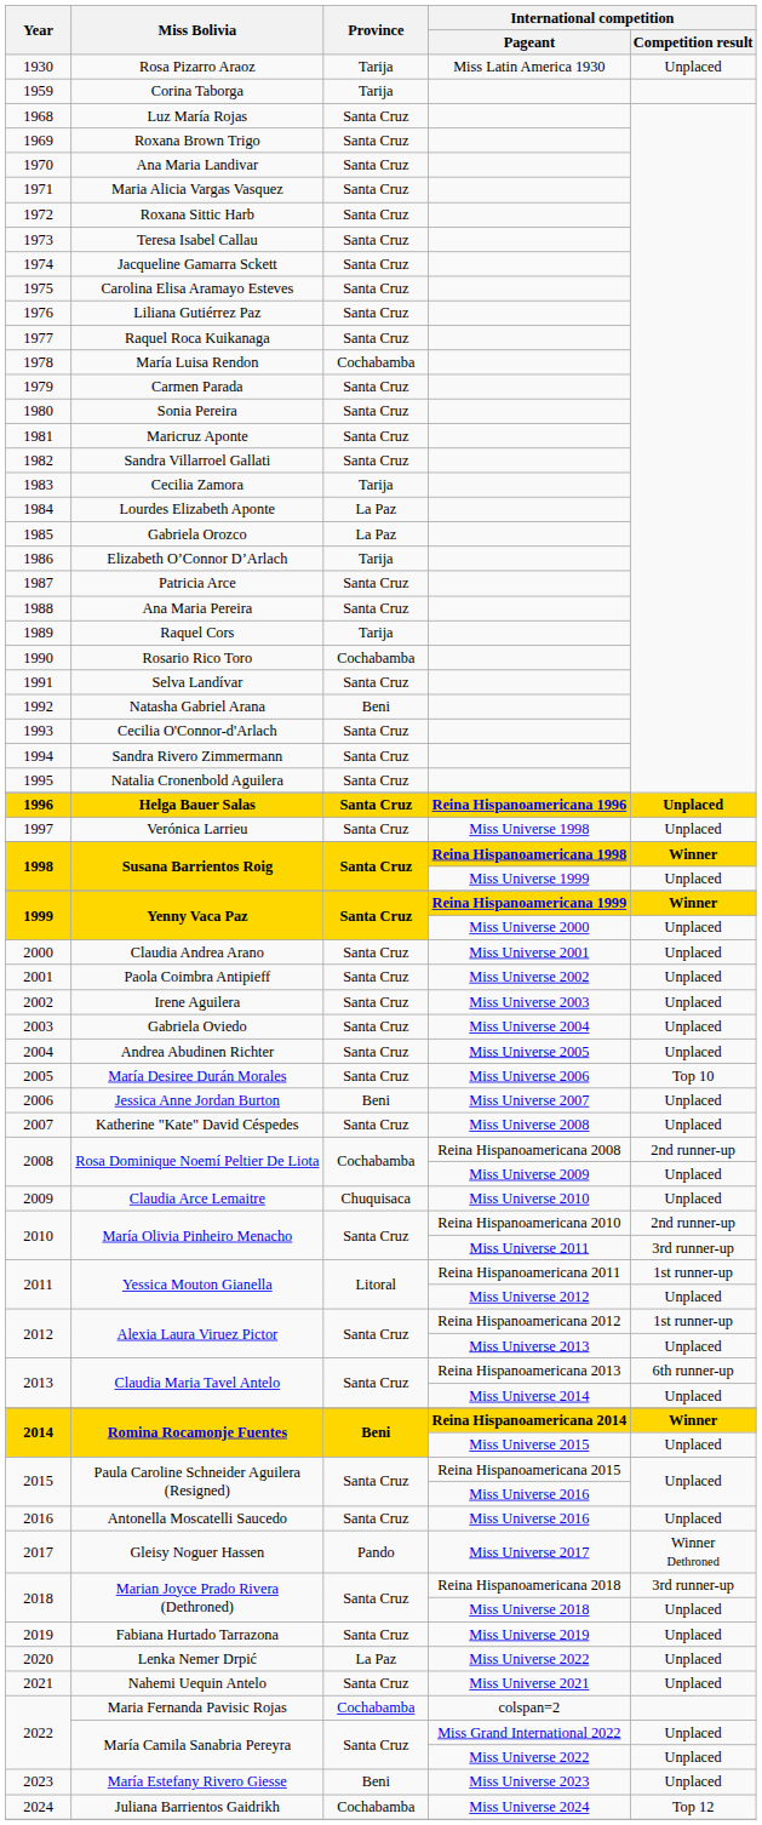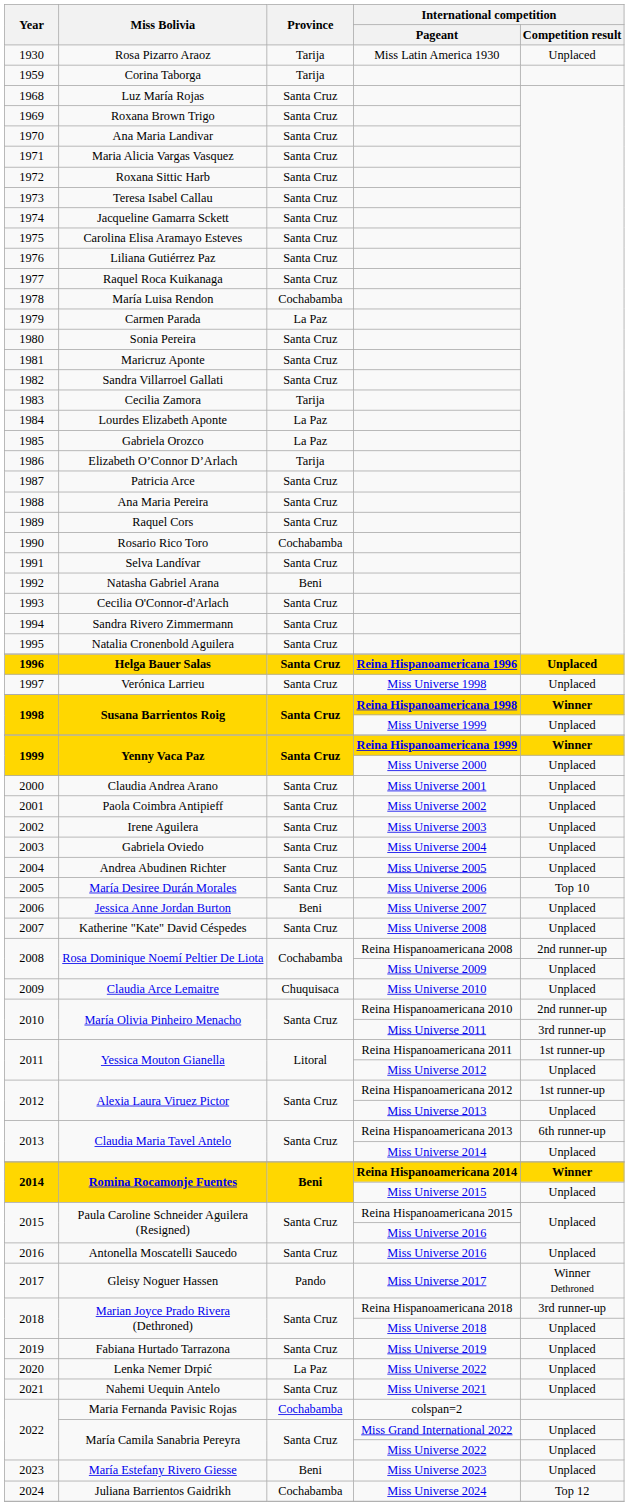 <table class="wikitable" style="font-size:95%; text-align:center;">
 <tr>
 <th width="60" rowspan=2>Year</th>
 <th width="250" rowspan=2>Miss Bolivia</th>
 <th width="100" rowspan=2>Province</th>
 <th colspan=3>International competition</th>
 </tr>
 <tr>
 <th>Pageant</th>
 <th>Competition result</th>
 </tr>
 <tr>
 <td>1930</td>
 <td>Rosa Pizarro Araoz</td>
 <td>Tarija</td>
 <td>Miss Latin America 1930</td>
 <td>Unplaced</td>
 </tr>
 <tr>
 <td>1959</td>
 <td>Corina Taborga</td>
 <td>Tarija</td>
 <td></td>
 <td></td>
 </tr>
 <tr>
 <td>1968</td>
 <td>Luz María Rojas</td>
 <td>Santa Cruz</td>
 <td></td>
 </tr>
 <tr>
 <td>1969</td>
 <td>Roxana Brown Trigo</td>
 <td>Santa Cruz</td>
 <td></td>
 </tr>
 <tr>
 <td>1970</td>
 <td>Ana Maria Landivar</td>
 <td>Santa Cruz</td>
 <td></td>
 </tr>
 <tr>
 <td>1971</td>
 <td>Maria Alicia Vargas Vasquez</td>
 <td>Santa Cruz</td>
 <td></td>
 </tr>
 <tr>
 <td>1972</td>
 <td>Roxana Sittic Harb</td>
 <td>Santa Cruz</td>
 <td></td>
 </tr>
 <tr>
 <td>1973</td>
 <td>Teresa Isabel Callau</td>
 <td>Santa Cruz</td>
 <td></td>
 </tr>
 <tr>
 <td>1974</td>
 <td>Jacqueline Gamarra Sckett</td>
 <td>Santa Cruz</td>
 <td></td>
 </tr>
 <tr>
 <td>1975</td>
 <td>Carolina Elisa Aramayo Esteves</td>
 <td>Santa Cruz</td>
 <td></td>
 </tr>
 <tr>
 <td>1976</td>
 <td>Liliana Gutiérrez Paz</td>
 <td>Santa Cruz</td>
 <td></td>
 </tr>
 <tr>
 <td>1977</td>
 <td>Raquel Roca Kuikanaga</td>
 <td>Santa Cruz</td>
 <td></td>
 </tr>
 <tr>
 <td>1978</td>
 <td>María Luisa Rendon</td>
 <td>Cochabamba</td>
 <td></td>
 </tr>
 <tr>
 <td>1979</td>
 <td>Carmen Parada</td>
-<td>Santa Cruz</td>
+<td>La Paz</td>
 <td></td>
 </tr>
 <tr>
 <td>1980</td>
 <td>Sonia Pereira</td>
 <td>Santa Cruz</td>
 <td></td>
 </tr>
 <tr>
 <td>1981</td>
 <td>Maricruz Aponte</td>
 <td>Santa Cruz</td>
 <td></td>
 </tr>
 <tr>
 <td>1982</td>
 <td>Sandra Villarroel Gallati</td>
 <td>Santa Cruz</td>
 <td></td>
 </tr>
 <tr>
 <td>1983</td>
 <td>Cecilia Zamora</td>
 <td>Tarija</td>
 <td></td>
 </tr>
 <tr>
 <td>1984</td>
 <td>Lourdes Elizabeth Aponte</td>
 <td>La Paz</td>
 <td></td>
 </tr>
 <tr>
 <td>1985</td>
 <td>Gabriela Orozco</td>
 <td>La Paz</td>
 <td></td>
 </tr>
 <tr>
 <td>1986</td>
 <td>Elizabeth O’Connor D’Arlach</td>
 <td>Tarija</td>
 <td></td>
 </tr>
 <tr>
 <td>1987</td>
 <td>Patricia Arce</td>
 <td>Santa Cruz</td>
 <td></td>
 </tr>
 <tr>
 <td>1988</td>
 <td>Ana Maria Pereira</td>
 <td>Santa Cruz</td>
 <td></td>
 </tr>
 <tr>
 <td>1989</td>
 <td>Raquel Cors</td>
-<td>Tarija</td>
+<td>Santa Cruz</td>
 <td></td>
 </tr>
 <tr>
 <td>1990</td>
 <td>Rosario Rico Toro</td>
 <td>Cochabamba</td>
 <td></td>
 </tr>
 <tr>
 <td>1991</td>
 <td>Selva Landívar</td>
 <td>Santa Cruz</td>
 <td></td>
 </tr>
 <tr>
 <td>1992</td>
 <td>Natasha Gabriel Arana</td>
 <td>Beni</td>
 <td></td>
 </tr>
 <tr>
 <td>1993</td>
 <td>Cecilia O'Connor-d'Arlach</td>
 <td>Santa Cruz</td>
 <td></td>
 </tr>
 <tr>
 <td>1994</td>
 <td>Sandra Rivero Zimmermann</td>
 <td>Santa Cruz</td>
 <td></td>
 </tr>
 <tr>
 <td>1995</td>
 <td>Natalia Cronenbold Aguilera</td>
 <td>Santa Cruz</td>
 <td></td>
 </tr>
 <tr>
 </tr>
 <tr style="background-color:gold; font-weight: bold ">
 <td>1996</td>
 <td>Helga Bauer Salas</td>
 <td>Santa Cruz</td>
 <td><a href='#'>Reina Hispanoamericana 1996</a></td>
 <td>Unplaced</td>
 </tr>
 <tr>
 <td>1997</td>
 <td>Verónica Larrieu</td>
 <td>Santa Cruz</td>
 <td><a href='#'>Miss Universe 1998</a></td>
 <td>Unplaced</td>
 </tr>
 <tr>
 </tr>
 <tr style="background-color:gold; font-weight: bold ">
 <td rowspan=2>1998</td>
 <td rowspan=2>Susana Barrientos Roig</td>
 <td rowspan=2>Santa Cruz</td>
 <td><a href='#'>Reina Hispanoamericana 1998</a></td>
 <td>Winner</td>
 </tr>
 <tr>
 <td><a href='#'>Miss Universe 1999</a></td>
 <td>Unplaced</td>
 </tr>
 <tr>
 </tr>
 <tr style="background-color:gold; font-weight: bold ">
 <td rowspan=2>1999</td>
 <td rowspan=2>Yenny Vaca Paz</td>
 <td rowspan=2>Santa Cruz</td>
 <td><a href='#'>Reina Hispanoamericana 1999</a></td>
 <td>Winner</td>
 </tr>
 <tr>
 <td><a href='#'>Miss Universe 2000</a></td>
 <td>Unplaced</td>
 </tr>
 <tr>
 <td>2000</td>
 <td>Claudia Andrea Arano</td>
 <td>Santa Cruz</td>
 <td><a href='#'>Miss Universe 2001</a></td>
 <td>Unplaced</td>
 </tr>
 <tr>
 <td>2001</td>
 <td>Paola Coimbra Antipieff</td>
 <td>Santa Cruz</td>
 <td><a href='#'>Miss Universe 2002</a></td>
 <td>Unplaced</td>
 </tr>
 <tr>
 <td>2002</td>
 <td>Irene Aguilera</td>
 <td>Santa Cruz</td>
 <td><a href='#'>Miss Universe 2003</a></td>
 <td>Unplaced</td>
 </tr>
 <tr>
 <td>2003</td>
 <td>Gabriela Oviedo</td>
 <td>Santa Cruz</td>
 <td><a href='#'>Miss Universe 2004</a></td>
 <td>Unplaced</td>
 </tr>
 <tr>
 <td>2004</td>
 <td>Andrea Abudinen Richter</td>
 <td>Santa Cruz</td>
 <td><a href='#'>Miss Universe 2005</a></td>
 <td>Unplaced</td>
 </tr>
 <tr>
 <td>2005</td>
 <td><a href='#'>María Desiree Durán Morales</a></td>
 <td>Santa Cruz</td>
 <td><a href='#'>Miss Universe 2006</a></td>
 <td>Top 10</td>
 </tr>
 <tr>
 <td>2006</td>
 <td><a href='#'>Jessica Anne Jordan Burton</a></td>
 <td>Beni</td>
 <td><a href='#'>Miss Universe 2007</a></td>
 <td>Unplaced</td>
 </tr>
 <tr>
 <td>2007</td>
 <td>Katherine "Kate" David Céspedes</td>
 <td>Santa Cruz</td>
 <td><a href='#'>Miss Universe 2008</a></td>
 <td>Unplaced</td>
 </tr>
 <tr>
 <td rowspan=2>2008</td>
 <td rowspan=2><a href='#'>Rosa Dominique Noemí Peltier De Liota</a></td>
 <td rowspan=2>Cochabamba</td>
 <td>Reina Hispanoamericana 2008</td>
 <td>2nd runner-up</td>
 </tr>
 <tr>
 <td><a href='#'>Miss Universe 2009</a></td>
 <td>Unplaced</td>
 </tr>
 <tr>
 <td>2009</td>
 <td><a href='#'>Claudia Arce Lemaitre</a></td>
 <td>Chuquisaca</td>
 <td><a href='#'>Miss Universe 2010</a></td>
 <td>Unplaced</td>
 </tr>
 <tr>
 <td rowspan=2>2010</td>
 <td rowspan=2><a href='#'>María Olivia Pinheiro Menacho</a></td>
 <td rowspan=2>Santa Cruz</td>
 <td>Reina Hispanoamericana 2010</td>
 <td>2nd runner-up</td>
 </tr>
 <tr>
 <td><a href='#'>Miss Universe 2011</a></td>
 <td>3rd runner-up</td>
 </tr>
 <tr>
 <td rowspan=2>2011</td>
 <td rowspan=2><a href='#'>Yessica Mouton Gianella</a></td>
 <td rowspan=2>Litoral</td>
 <td>Reina Hispanoamericana 2011</td>
 <td>1st runner-up</td>
 </tr>
 <tr>
 <td><a href='#'>Miss Universe 2012</a></td>
 <td>Unplaced</td>
 </tr>
 <tr>
 <td rowspan=2>2012</td>
 <td rowspan=2><a href='#'>Alexia Laura Viruez Pictor</a></td>
 <td rowspan=2>Santa Cruz</td>
 <td>Reina Hispanoamericana 2012</td>
 <td>1st runner-up</td>
 </tr>
 <tr>
 <td><a href='#'>Miss Universe 2013</a></td>
 <td>Unplaced</td>
 </tr>
 <tr>
 <td rowspan=2>2013</td>
 <td rowspan=2><a href='#'>Claudia Maria Tavel Antelo</a></td>
 <td rowspan=2>Santa Cruz</td>
 <td>Reina Hispanoamericana 2013</td>
 <td>6th runner-up</td>
 </tr>
 <tr>
 <td><a href='#'>Miss Universe 2014</a></td>
 <td>Unplaced</td>
 </tr>
 <tr>
 </tr>
 <tr style="background-color:gold; font-weight: bold ">
 <td rowspan=2>2014</td>
 <td rowspan=2><a href='#'>Romina Rocamonje Fuentes</a></td>
 <td rowspan=2>Beni</td>
 <td>Reina Hispanoamericana 2014</td>
 <td>Winner</td>
 </tr>
 <tr>
 <td><a href='#'>Miss Universe 2015</a></td>
 <td>Unplaced</td>
 </tr>
 <tr>
 <td rowspan=2>2015</td>
 <td rowspan=2>Paula Caroline Schneider Aguilera<br>(Resigned)</td>
 <td rowspan=2>Santa Cruz</td>
 <td>Reina Hispanoamericana 2015</td>
 <td rowspan="2">Unplaced</td>
 </tr>
 <tr>
 <td><a href='#'>Miss Universe 2016</a></td>
 </tr>
 <tr>
 <td>2016</td>
 <td>Antonella Moscatelli Saucedo</td>
 <td>Santa Cruz</td>
 <td><a href='#'>Miss Universe 2016</a></td>
 <td>Unplaced</td>
 </tr>
 <tr>
 <td>2017</td>
 <td>Gleisy Noguer Hassen</td>
 <td>Pando</td>
 <td><a href='#'>Miss Universe 2017</a></td>
 <td>Winner<br><small>Dethroned</small></td>
 </tr>
 <tr>
 <td rowspan=2>2018</td>
 <td rowspan=2><a href='#'>Marian Joyce Prado Rivera</a><br>(Dethroned)</td>
 <td rowspan=2>Santa Cruz</td>
 <td>Reina Hispanoamericana 2018</td>
 <td>3rd runner-up</td>
 </tr>
 <tr>
 <td><a href='#'>Miss Universe 2018</a></td>
 <td>Unplaced</td>
 </tr>
 <tr>
 <td>2019</td>
 <td>Fabiana Hurtado Tarrazona</td>
 <td>Santa Cruz</td>
 <td><a href='#'>Miss Universe 2019</a></td>
 <td>Unplaced</td>
 </tr>
 <tr>
 <td>2020</td>
 <td>Lenka Nemer Drpić</td>
 <td>La Paz</td>
 <td><a href='#'>Miss Universe 2022</a></td>
 <td>Unplaced</td>
 </tr>
 <tr>
 <td>2021</td>
 <td>Nahemi Uequin Antelo</td>
 <td>Santa Cruz</td>
 <td><a href='#'>Miss Universe 2021</a></td>
 <td>Unplaced</td>
 </tr>
 <tr>
 <td rowspan="3">2022</td>
 <td>Maria Fernanda Pavisic Rojas</td>
 <td><a href='#'>Cochabamba</a></td>
 <td>colspan=2 </td>
 </tr>
 <tr>
 <td rowspan="2">María Camila Sanabria Pereyra</td>
 <td rowspan="2">Santa Cruz</td>
 <td><a href='#'>Miss Grand International 2022</a></td>
 <td>Unplaced</td>
 </tr>
 <tr>
 <td><a href='#'>Miss Universe 2022</a></td>
 <td>Unplaced</td>
 </tr>
 <tr>
 <td>2023</td>
 <td><a href='#'>María Estefany Rivero Giesse</a></td>
 <td>Beni</td>
 <td><a href='#'>Miss Universe 2023</a></td>
 <td>Unplaced</td>
 </tr>
 <tr>
 <td>2024</td>
 <td>Juliana Barrientos Gaidrikh</td>
 <td>Cochabamba</td>
 <td><a href='#'>Miss Universe 2024</a></td>
 <td>Top 12</td>
 </tr>
 <tr>
 </tr>
 </table>
